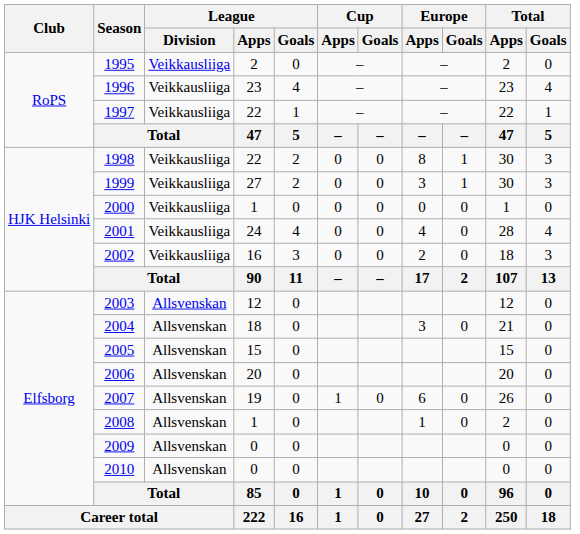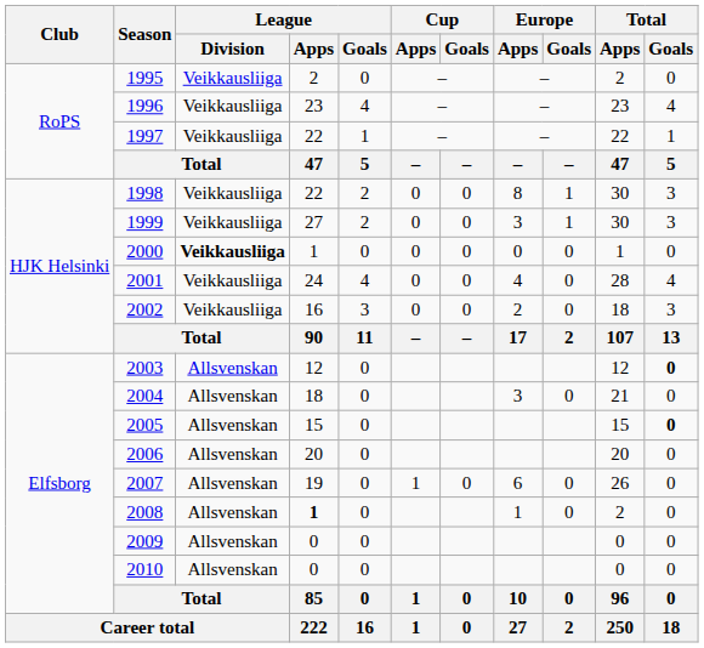 <table class="wikitable" style="text-align:center">
 <tr>
 <th rowspan="2">Club</th>
 <th rowspan="2">Season</th>
 <th colspan="3">League</th>
 <th colspan="2">Cup</th>
 <th colspan="2">Europe</th>
 <th colspan="2">Total</th>
 </tr>
 <tr>
 <th>Division</th>
 <th>Apps</th>
 <th>Goals</th>
 <th>Apps</th>
 <th>Goals</th>
 <th>Apps</th>
 <th>Goals</th>
 <th>Apps</th>
 <th>Goals</th>
 </tr>
 <tr>
 <td rowspan="4"><a href='#'>RoPS</a></td>
 <td><a href='#'>1995</a></td>
 <td><a href='#'>Veikkausliiga</a></td>
 <td>2</td>
 <td>0</td>
 <td colspan="2">–</td>
 <td colspan="2">–</td>
 <td>2</td>
 <td>0</td>
 </tr>
 <tr>
 <td><a href='#'>1996</a></td>
 <td>Veikkausliiga</td>
 <td>23</td>
 <td>4</td>
 <td colspan="2">–</td>
 <td colspan="2">–</td>
 <td>23</td>
 <td>4</td>
 </tr>
 <tr>
 <td><a href='#'>1997</a></td>
 <td>Veikkausliiga</td>
 <td>22</td>
 <td>1</td>
 <td colspan="2">–</td>
 <td colspan="2">–</td>
 <td>22</td>
 <td>1</td>
 </tr>
 <tr>
 <th colspan="2">Total</th>
 <th>47</th>
 <th>5</th>
 <th>–</th>
 <th>–</th>
 <th>–</th>
 <th>–</th>
 <th>47</th>
 <th>5</th>
 </tr>
 <tr>
 <td rowspan="6"><a href='#'>HJK Helsinki</a></td>
 <td><a href='#'>1998</a></td>
 <td>Veikkausliiga</td>
 <td>22</td>
 <td>2</td>
 <td>0</td>
 <td>0</td>
 <td>8</td>
 <td>1</td>
 <td>30</td>
 <td>3</td>
 </tr>
 <tr>
 <td><a href='#'>1999</a></td>
 <td>Veikkausliiga</td>
 <td>27</td>
 <td>2</td>
 <td>0</td>
 <td>0</td>
 <td>3</td>
 <td>1</td>
 <td>30</td>
 <td>3</td>
 </tr>
 <tr>
 <td><a href='#'>2000</a></td>
-<td>Veikkausliiga</td>
+<td><strong>Veikkausliiga</strong></td>
 <td>1</td>
 <td>0</td>
 <td>0</td>
 <td>0</td>
 <td>0</td>
 <td>0</td>
 <td>1</td>
 <td>0</td>
 </tr>
 <tr>
 <td><a href='#'>2001</a></td>
 <td>Veikkausliiga</td>
 <td>24</td>
 <td>4</td>
 <td>0</td>
 <td>0</td>
 <td>4</td>
 <td>0</td>
 <td>28</td>
 <td>4</td>
 </tr>
 <tr>
 <td><a href='#'>2002</a></td>
 <td>Veikkausliiga</td>
 <td>16</td>
 <td>3</td>
 <td>0</td>
 <td>0</td>
 <td>2</td>
 <td>0</td>
 <td>18</td>
 <td>3</td>
 </tr>
 <tr>
 <th colspan="2">Total</th>
 <th>90</th>
 <th>11</th>
 <th>–</th>
 <th>–</th>
 <th>17</th>
 <th>2</th>
 <th>107</th>
 <th>13</th>
 </tr>
 <tr>
 <td rowspan="9"><a href='#'>Elfsborg</a></td>
 <td><a href='#'>2003</a></td>
 <td><a href='#'>Allsvenskan</a></td>
 <td>12</td>
 <td>0</td>
 <td></td>
 <td></td>
 <td></td>
 <td></td>
 <td>12</td>
-<td>0</td>
+<td><strong>0</strong></td>
 </tr>
 <tr>
 <td><a href='#'>2004</a></td>
 <td>Allsvenskan</td>
 <td>18</td>
 <td>0</td>
 <td></td>
 <td></td>
 <td>3</td>
 <td>0</td>
 <td>21</td>
 <td>0</td>
 </tr>
 <tr>
 <td><a href='#'>2005</a></td>
 <td>Allsvenskan</td>
 <td>15</td>
 <td>0</td>
 <td></td>
 <td></td>
 <td></td>
 <td></td>
 <td>15</td>
-<td>0</td>
+<td><strong>0</strong></td>
 </tr>
 <tr>
 <td><a href='#'>2006</a></td>
 <td>Allsvenskan</td>
 <td>20</td>
 <td>0</td>
 <td></td>
 <td></td>
 <td></td>
 <td></td>
 <td>20</td>
 <td>0</td>
 </tr>
 <tr>
 <td><a href='#'>2007</a></td>
 <td>Allsvenskan</td>
 <td>19</td>
 <td>0</td>
 <td>1</td>
 <td>0</td>
 <td>6</td>
 <td>0</td>
 <td>26</td>
 <td>0</td>
 </tr>
 <tr>
 <td><a href='#'>2008</a></td>
 <td>Allsvenskan</td>
-<td>1</td>
+<td><strong>1</strong></td>
 <td>0</td>
 <td></td>
 <td></td>
 <td>1</td>
 <td>0</td>
 <td>2</td>
 <td>0</td>
 </tr>
 <tr>
 <td><a href='#'>2009</a></td>
 <td>Allsvenskan</td>
 <td>0</td>
 <td>0</td>
 <td></td>
 <td></td>
 <td></td>
 <td></td>
 <td>0</td>
 <td>0</td>
 </tr>
 <tr>
 <td><a href='#'>2010</a></td>
 <td>Allsvenskan</td>
 <td>0</td>
 <td>0</td>
 <td></td>
 <td></td>
 <td></td>
 <td></td>
 <td>0</td>
 <td>0</td>
 </tr>
 <tr>
 <th colspan="2">Total</th>
 <th>85</th>
 <th>0</th>
 <th>1</th>
 <th>0</th>
 <th>10</th>
 <th>0</th>
 <th>96</th>
 <th>0</th>
 </tr>
 <tr>
 <th colspan="3">Career total</th>
 <th>222</th>
 <th>16</th>
 <th>1</th>
 <th>0</th>
 <th>27</th>
 <th>2</th>
 <th>250</th>
 <th>18</th>
 </tr>
 </table>
